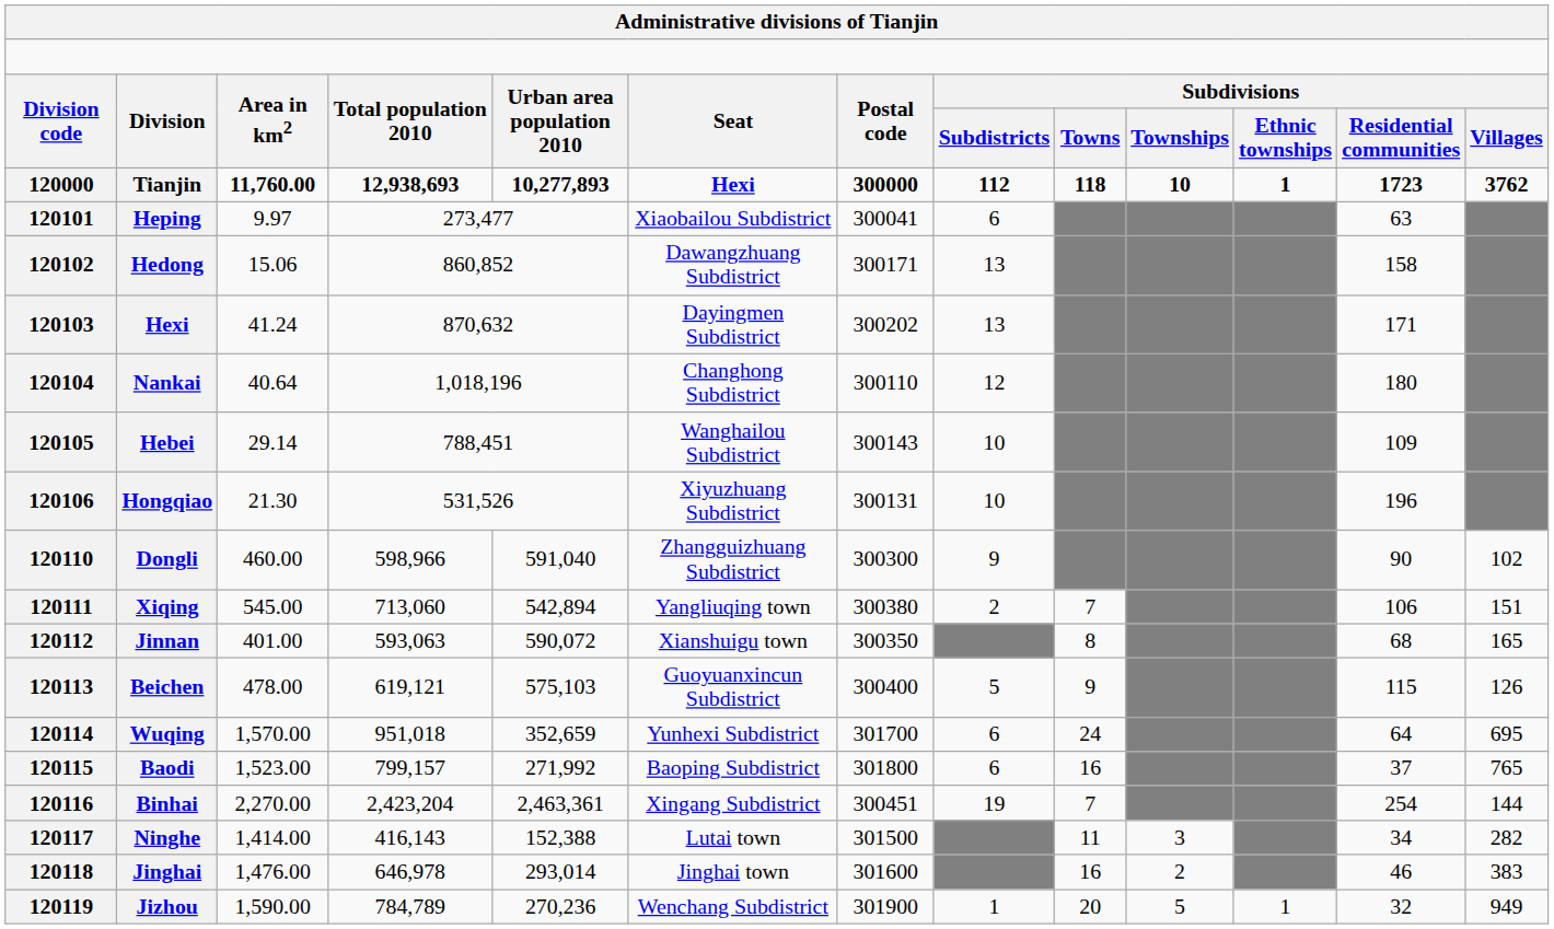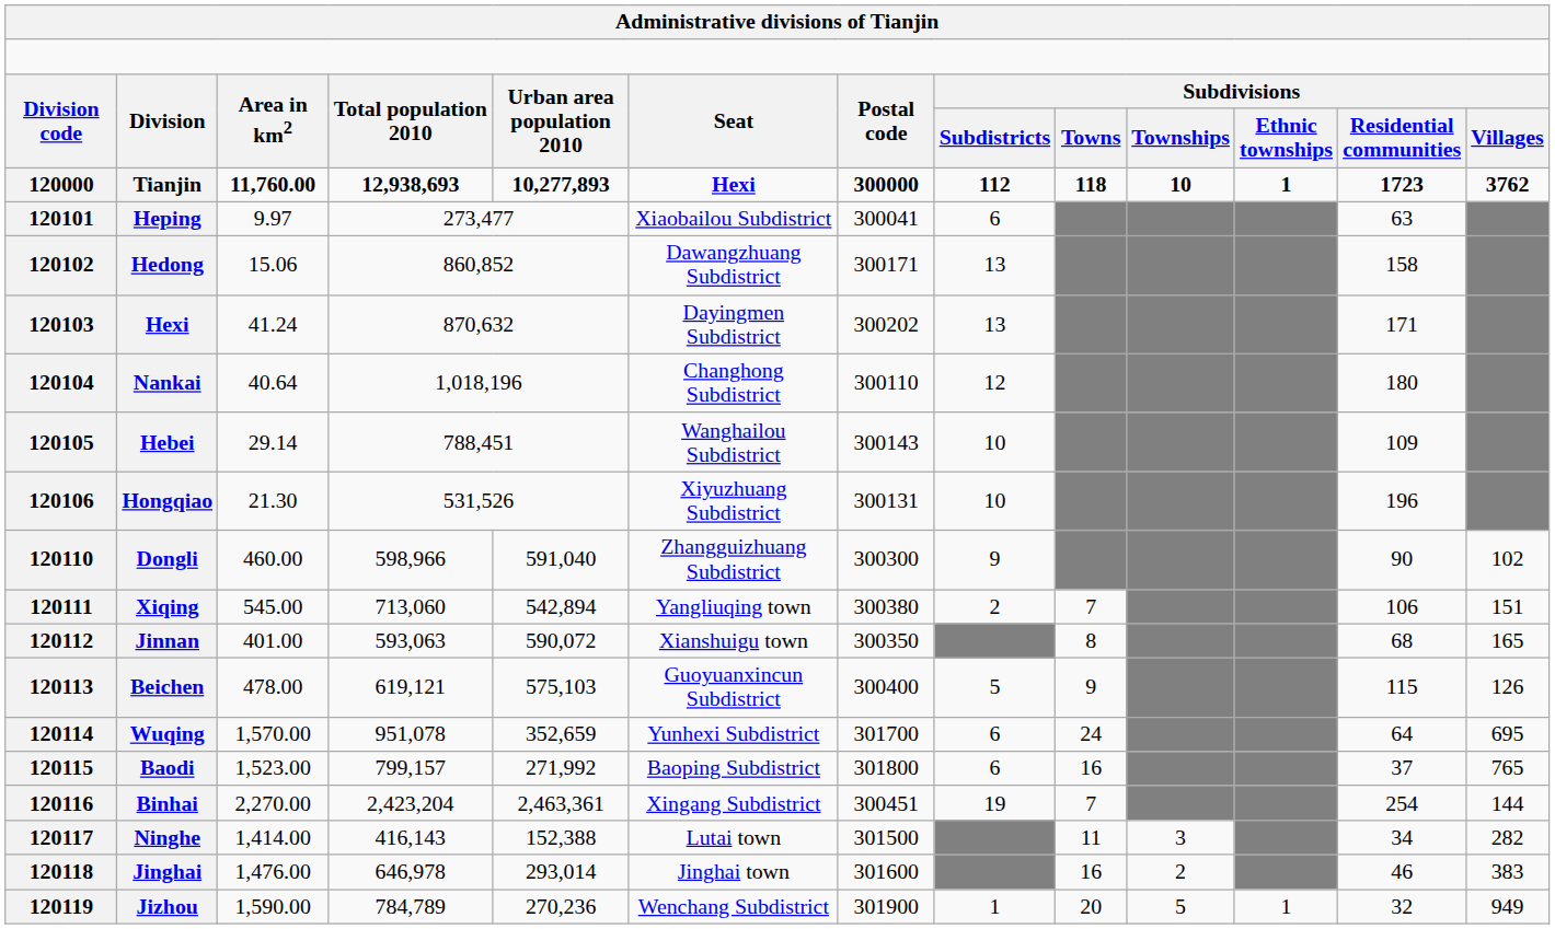 <table class="wikitable" style="margin:1em auto 1em auto; width:90%; text-align:center">
 <tr>
 <th colspan="15"><strong>Administrative divisions of Tianjin</strong></th>
 </tr>
 <tr>
 <td colspan="15"><div><br>                  </div></td>
 </tr>
 <tr>
 <th ! scope="col" rowspan="2"><a href='#'>Division code</a></th>
 <th ! scope="col" rowspan="2">Division</th>
 <th ! scope="col" rowspan="2">Area in km<sup>2</sup></th>
 <th ! scope="col" rowspan=2>Total population 2010</th>
 <th ! scope="col" rowspan=2>Urban area<br>population 2010</th>
 <th ! scope="col" rowspan="2">Seat</th>
 <th ! scope="col" rowspan="2">Postal code</th>
 <th ! scope="col" colspan="7">Subdivisions</th>
 </tr>
 <tr>
 <th ! scope="col" style="width:45px;"><a href='#'>Subdistricts</a></th>
 <th ! scope="col" style="width:45px;"><a href='#'>Towns</a></th>
 <th ! scope="col" style="width:45px;"><a href='#'>Townships</a></th>
 <th ! scope="col" style="width:45px;"><a href='#'>Ethnic townships</a></th>
 <th ! scope="col" style="width:45px;"><a href='#'>Residential communities</a></th>
 <th ! scope="col" style="width:45px;"><a href='#'>Villages</a></th>
 </tr>
 <tr style="font-weight: bold">
 <th>120000</th>
 <th>Tianjin</th>
 <td>11,760.00</td>
 <td>12,938,693</td>
 <td>10,277,893</td>
 <td><a href='#'>Hexi</a></td>
 <td>300000</td>
 <td>112</td>
 <td>118</td>
 <td>10</td>
 <td>1</td>
 <td>1723</td>
 <td>3762</td>
 </tr>
 <tr>
 <th>120101</th>
 <th><a href='#'>Heping</a></th>
 <td>9.97</td>
 <td colspan="2">273,477</td>
 <td><a href='#'>Xiaobailou Subdistrict</a></td>
 <td>300041</td>
 <td>6</td>
 <td style="background:gray;"></td>
 <td style="background:gray;"></td>
 <td style="background:gray;"></td>
 <td>63</td>
 <td style="background:gray;"></td>
 </tr>
 <tr>
 <th>120102</th>
 <th><a href='#'>Hedong</a></th>
 <td>15.06</td>
 <td colspan="2">860,852</td>
 <td><a href='#'>Dawangzhuang Subdistrict</a></td>
 <td>300171</td>
 <td>13</td>
 <td style="background:gray;"></td>
 <td style="background:gray;"></td>
 <td style="background:gray;"></td>
 <td>158</td>
 <td style="background:gray;"></td>
 </tr>
 <tr>
 <th>120103</th>
 <th><a href='#'>Hexi</a></th>
 <td>41.24</td>
 <td colspan="2">870,632</td>
 <td><a href='#'>Dayingmen Subdistrict</a></td>
 <td>300202</td>
 <td>13</td>
 <td style="background:gray;"></td>
 <td style="background:gray;"></td>
 <td style="background:gray;"></td>
 <td>171</td>
 <td style="background:gray;"></td>
 </tr>
 <tr>
 <th>120104</th>
 <th><a href='#'>Nankai</a></th>
 <td>40.64</td>
 <td colspan="2">1,018,196</td>
 <td><a href='#'>Changhong Subdistrict</a></td>
 <td>300110</td>
 <td>12</td>
 <td style="background:gray;"></td>
 <td style="background:gray;"></td>
 <td style="background:gray;"></td>
 <td>180</td>
 <td style="background:gray;"></td>
 </tr>
 <tr>
 <th>120105</th>
 <th><a href='#'>Hebei</a></th>
 <td>29.14</td>
 <td colspan="2">788,451</td>
 <td><a href='#'>Wanghailou Subdistrict</a></td>
 <td>300143</td>
 <td>10</td>
 <td style="background:gray;"></td>
 <td style="background:gray;"></td>
 <td style="background:gray;"></td>
 <td>109</td>
 <td style="background:gray;"></td>
 </tr>
 <tr>
 <th>120106</th>
 <th><a href='#'>Hongqiao</a></th>
 <td>21.30</td>
 <td colspan="2">531,526</td>
 <td><a href='#'>Xiyuzhuang Subdistrict</a></td>
 <td>300131</td>
 <td>10</td>
 <td style="background:gray;"></td>
 <td style="background:gray;"></td>
 <td style="background:gray;"></td>
 <td>196</td>
 <td style="background:gray;"></td>
 </tr>
 <tr>
 <th>120110</th>
 <th><a href='#'>Dongli</a></th>
 <td>460.00</td>
 <td>598,966</td>
 <td>591,040</td>
 <td><a href='#'>Zhangguizhuang Subdistrict</a></td>
 <td>300300</td>
 <td>9</td>
 <td style="background:gray;"></td>
 <td style="background:gray;"></td>
 <td style="background:gray;"></td>
 <td>90</td>
 <td>102</td>
 </tr>
 <tr>
 <th>120111</th>
 <th><a href='#'>Xiqing</a></th>
 <td>545.00</td>
 <td>713,060</td>
 <td>542,894</td>
 <td><a href='#'>Yangliuqing</a> town</td>
 <td>300380</td>
 <td>2</td>
 <td>7</td>
 <td style="background:gray;"></td>
 <td style="background:gray;"></td>
 <td>106</td>
 <td>151</td>
 </tr>
 <tr>
 <th>120112</th>
 <th><a href='#'>Jinnan</a></th>
 <td>401.00</td>
 <td>593,063</td>
 <td>590,072</td>
 <td><a href='#'>Xianshuigu</a> town</td>
 <td>300350</td>
 <td style="background:gray;"></td>
 <td>8</td>
 <td style="background:gray;"></td>
 <td style="background:gray;"></td>
 <td>68</td>
 <td>165</td>
 </tr>
 <tr>
 <th>120113</th>
 <th><a href='#'>Beichen</a></th>
 <td>478.00</td>
 <td>619,121</td>
 <td>575,103</td>
 <td><a href='#'>Guoyuanxincun Subdistrict</a></td>
 <td>300400</td>
 <td>5</td>
 <td>9</td>
 <td style="background:gray;"></td>
 <td style="background:gray;"></td>
 <td>115</td>
 <td>126</td>
 </tr>
 <tr>
 <th>120114</th>
 <th><a href='#'>Wuqing</a></th>
 <td>1,570.00</td>
-<td>951,018</td>
+<td>951,078</td>
 <td>352,659</td>
 <td><a href='#'>Yunhexi Subdistrict</a></td>
 <td>301700</td>
 <td>6</td>
 <td>24</td>
 <td style="background:gray;"></td>
 <td style="background:gray;"></td>
 <td>64</td>
 <td>695</td>
 </tr>
 <tr>
 <th>120115</th>
 <th><a href='#'>Baodi</a></th>
 <td>1,523.00</td>
 <td>799,157</td>
 <td>271,992</td>
 <td><a href='#'>Baoping Subdistrict</a></td>
 <td>301800</td>
 <td>6</td>
 <td>16</td>
 <td style="background:gray;"></td>
 <td style="background:gray;"></td>
 <td>37</td>
 <td>765</td>
 </tr>
 <tr>
 <th>120116</th>
 <th><a href='#'>Binhai</a></th>
 <td>2,270.00</td>
 <td>2,423,204</td>
 <td>2,463,361</td>
 <td><a href='#'>Xingang Subdistrict</a></td>
 <td>300451</td>
 <td>19</td>
 <td>7</td>
 <td style="background:gray;"></td>
 <td style="background:gray;"></td>
 <td>254</td>
 <td>144</td>
 </tr>
 <tr>
 <th>120117</th>
 <th><a href='#'>Ninghe</a></th>
 <td>1,414.00</td>
 <td>416,143</td>
 <td>152,388</td>
 <td><a href='#'>Lutai</a> town</td>
 <td>301500</td>
 <td style="background:gray;"></td>
 <td>11</td>
 <td>3</td>
 <td style="background:gray;"></td>
 <td>34</td>
 <td>282</td>
 </tr>
 <tr>
 <th>120118</th>
 <th><a href='#'>Jinghai</a></th>
 <td>1,476.00</td>
 <td>646,978</td>
 <td>293,014</td>
 <td><a href='#'>Jinghai</a> town</td>
 <td>301600</td>
 <td style="background:gray;"></td>
 <td>16</td>
 <td>2</td>
 <td style="background:gray;"></td>
 <td>46</td>
 <td>383</td>
 </tr>
 <tr>
 <th>120119</th>
 <th><a href='#'>Jizhou</a></th>
 <td>1,590.00</td>
 <td>784,789</td>
 <td>270,236</td>
 <td><a href='#'>Wenchang Subdistrict</a></td>
 <td>301900</td>
 <td>1</td>
 <td>20</td>
 <td>5</td>
 <td>1</td>
 <td>32</td>
 <td>949</td>
 </tr>
 </table>
